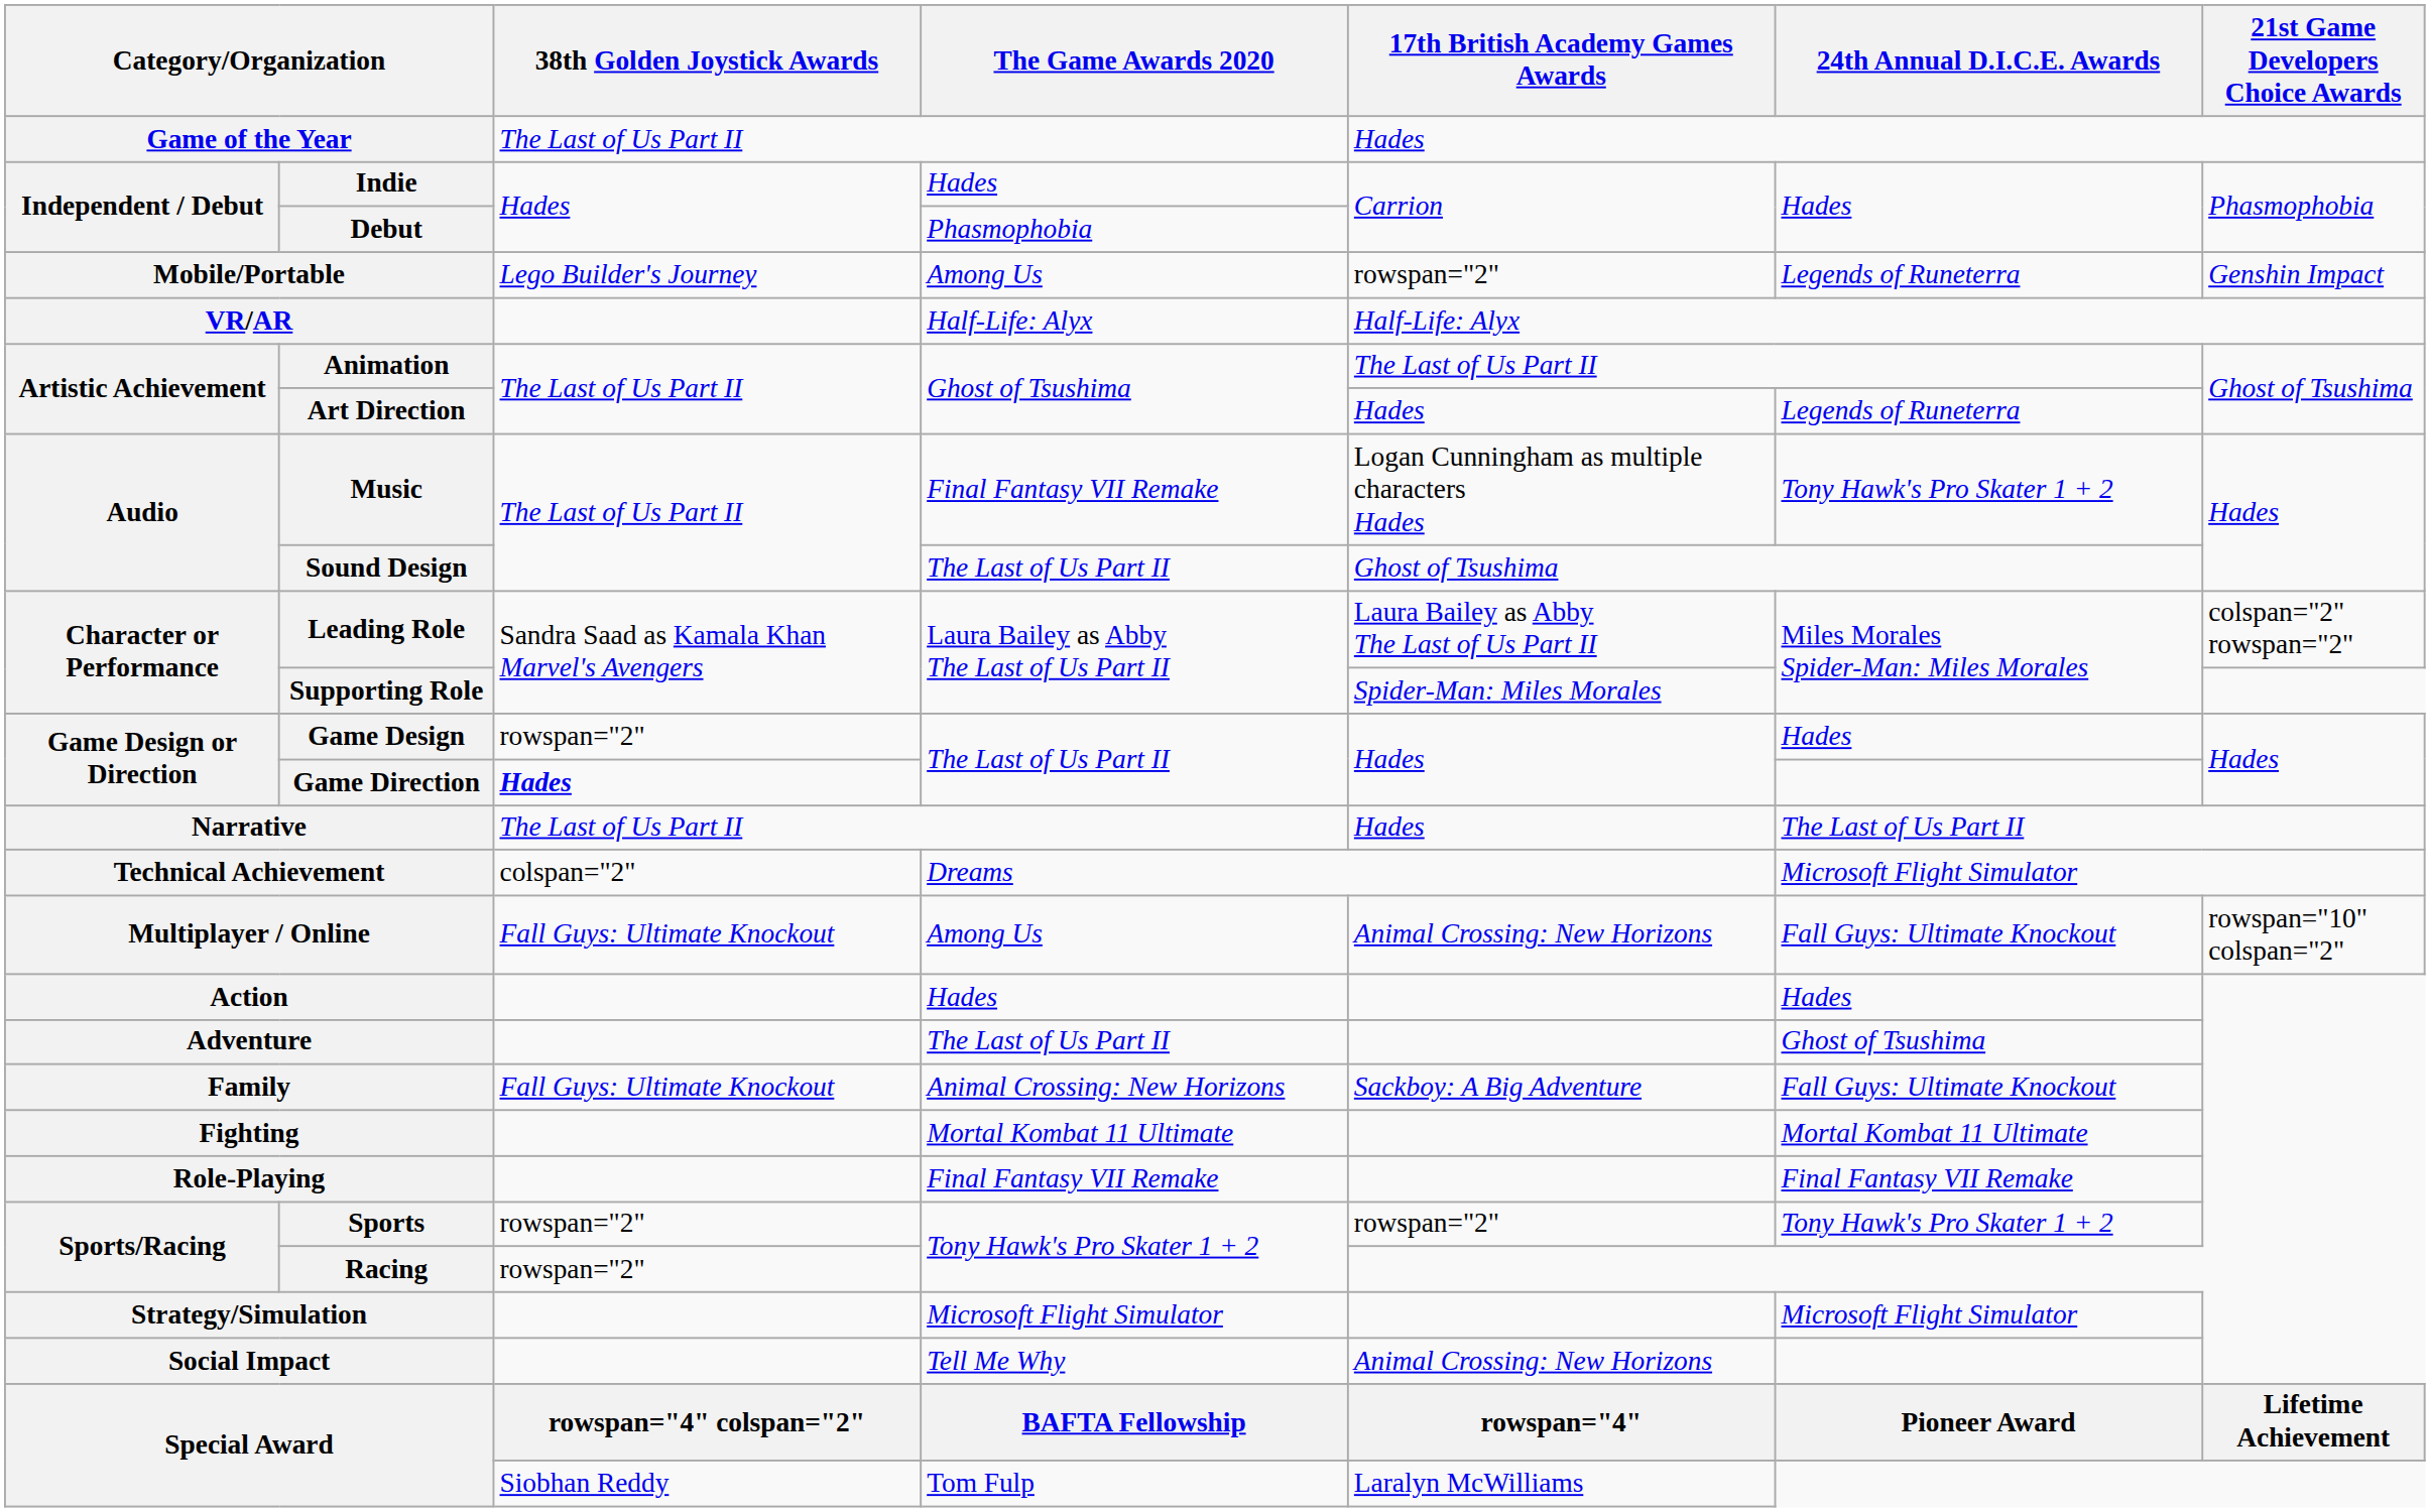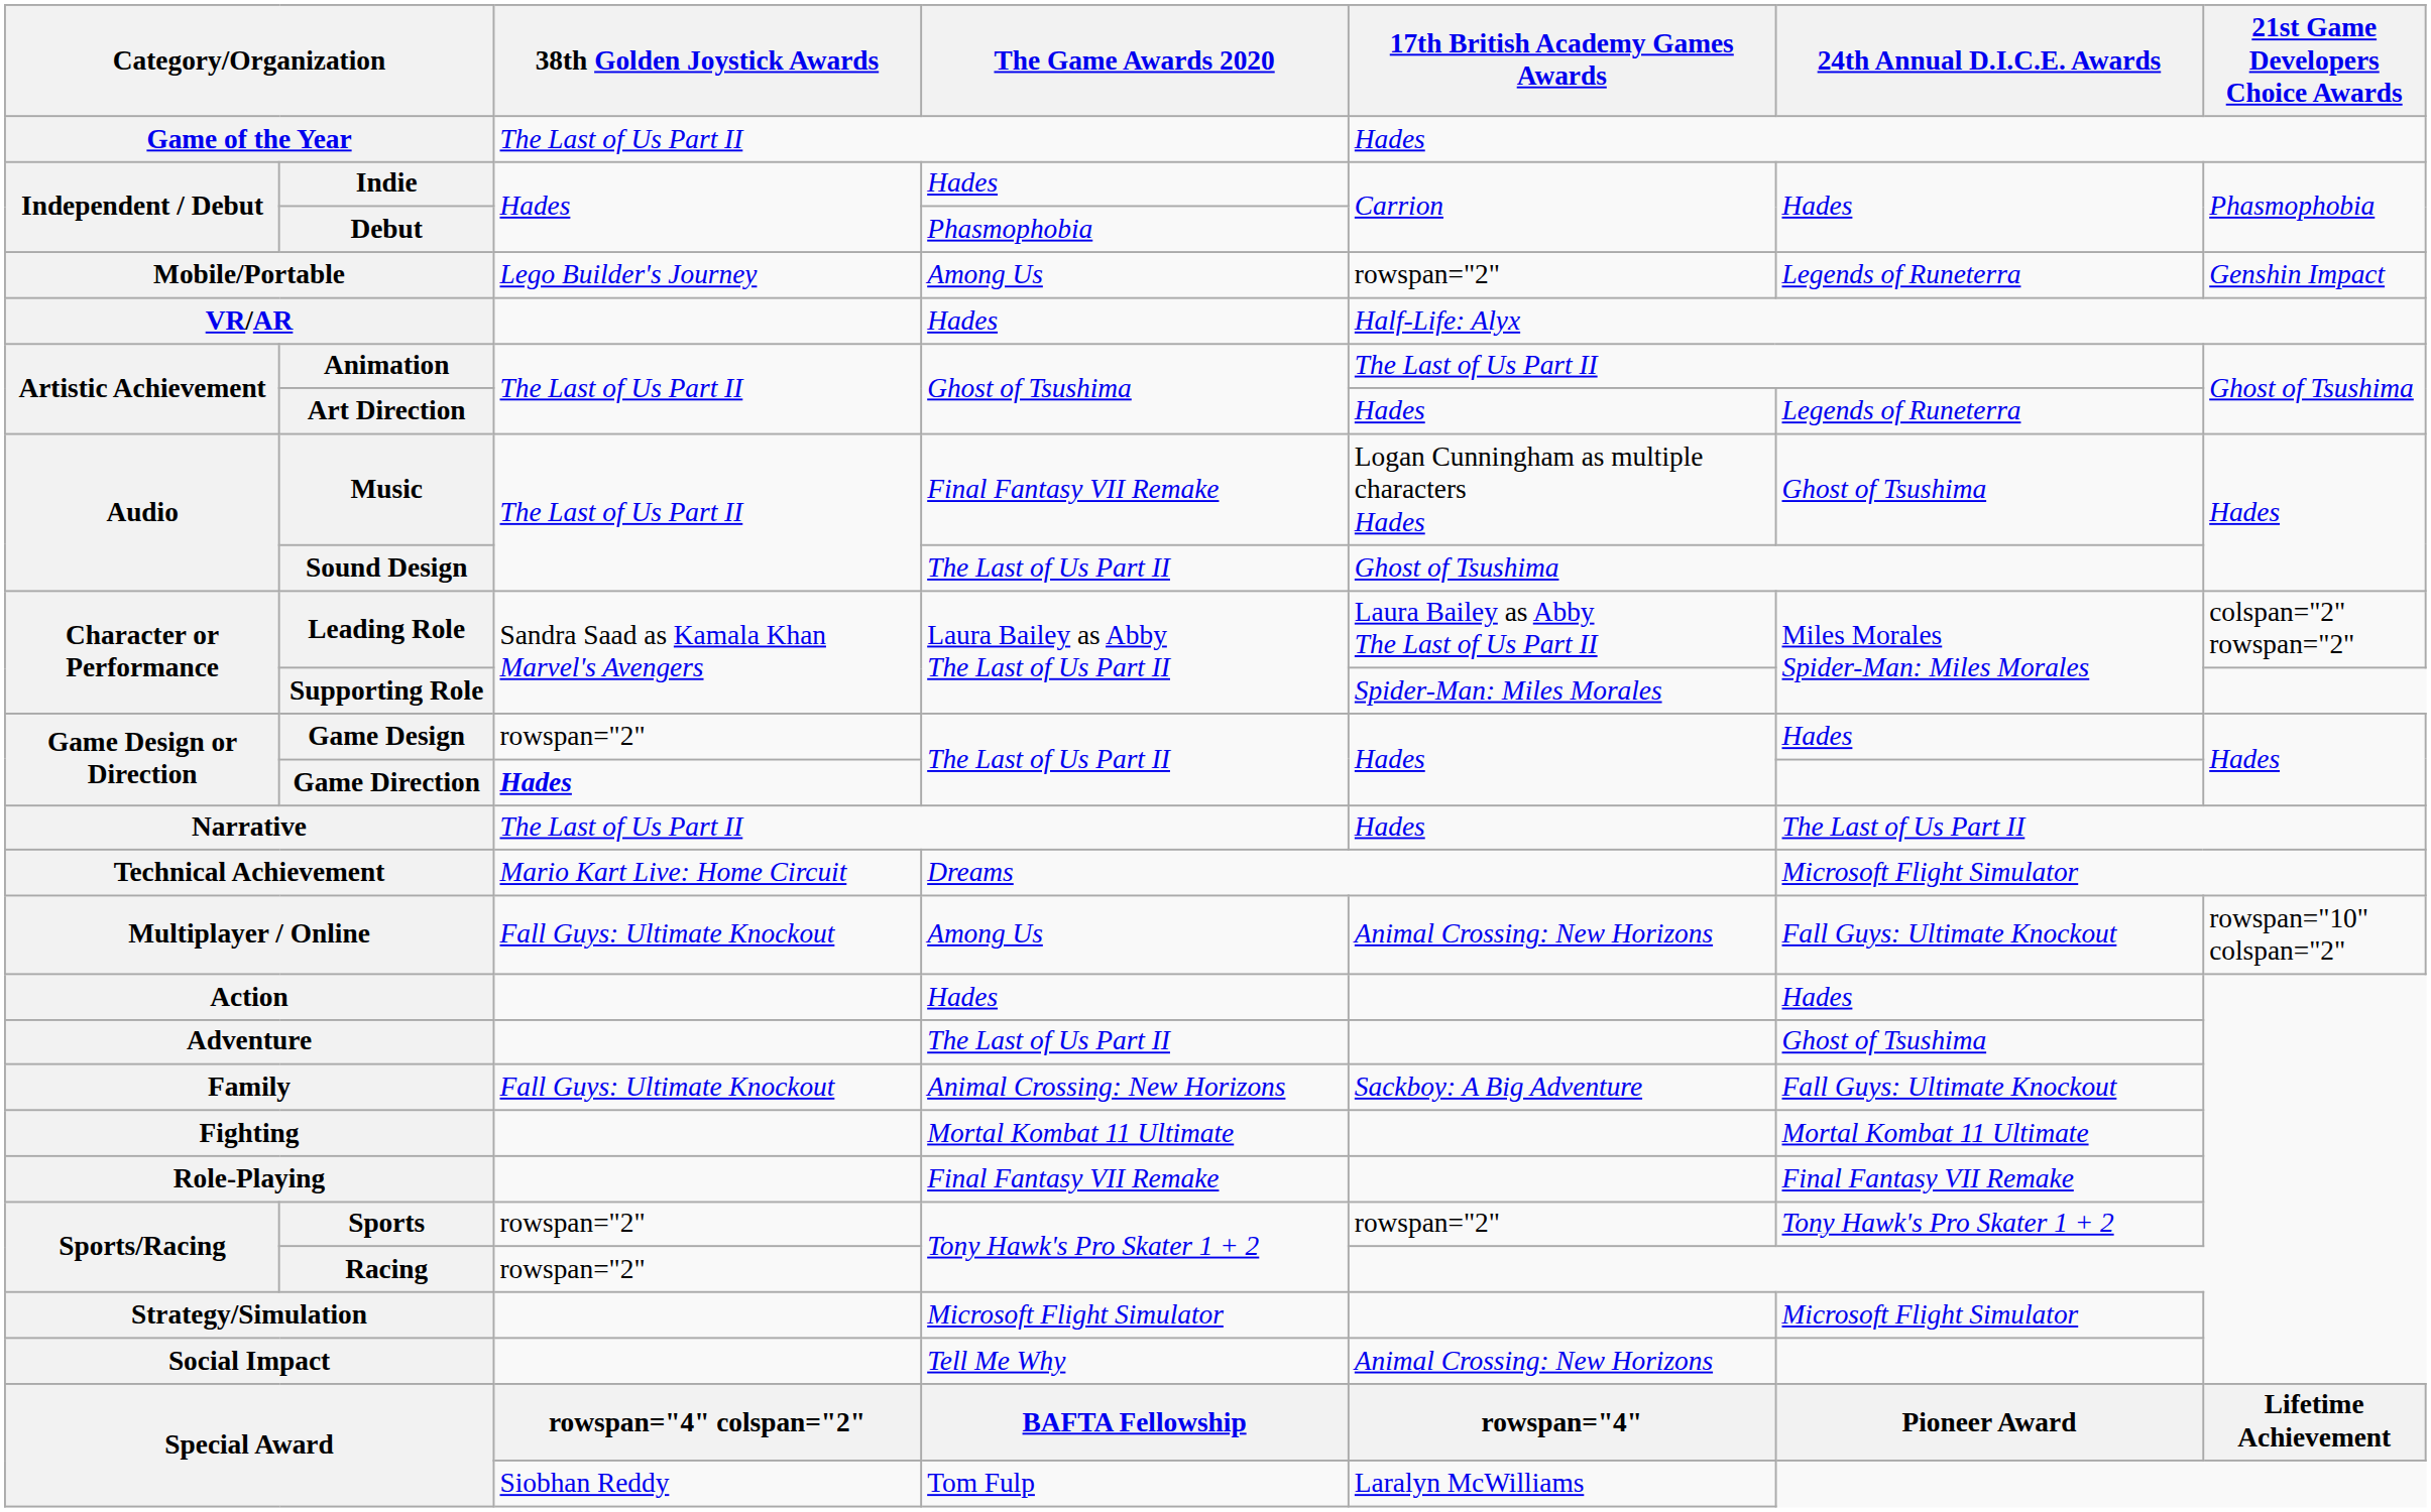 <table class="wikitable" style="border:none; margin:0; width:100%; font-size: 90%;">
 <tr>
 <th colspan="2" style="width:16%;">Category/Organization</th>
 <th style="width:14%;">38th <a href='#'>Golden Joystick Awards</a><br></th>
 <th style="width:14%;"><a href='#'>The Game Awards 2020</a><br></th>
 <th style="width:14%;"><a href='#'>17th British Academy Games Awards</a><br></th>
 <th style="width:14%;"><a href='#'>24th Annual D.I.C.E. Awards</a><br></th>
 <th style="width:14%;" colspan="2"><a href='#'>21st Game Developers Choice Awards</a><br></th>
 </tr>
 <tr>
 <th scope="row" colspan="2"><a href='#'>Game of the Year</a></th>
 <td colspan="2"><em><a href='#'>The Last of Us Part II</a></em></td>
 <td colspan="4"><em><a href='#'>Hades</a></em></td>
 </tr>
 <tr>
 <th scope="row"  rowspan="2" style="width:9%;">Independent / Debut</th>
 <th>Indie</th>
 <td rowspan="2"><em><a href='#'>Hades</a></em></td>
 <td><em><a href='#'>Hades</a></em></td>
 <td rowspan="2"><em><a href='#'>Carrion</a></em></td>
 <td rowspan="2"><em><a href='#'>Hades</a></em></td>
 <td rowspan="2" colspan="2"><em><a href='#'>Phasmophobia</a></em></td>
 </tr>
 <tr>
 <th scope="row">Debut</th>
 <td><em><a href='#'>Phasmophobia</a></em></td>
 </tr>
 <tr>
 <th scope="row" colspan="2">Mobile/Portable</th>
 <td><em><a href='#'>Lego Builder's Journey</a></em></td>
 <td><em><a href='#'>Among Us</a></em></td>
 <td>rowspan="2" </td>
 <td><em><a href='#'>Legends of Runeterra</a></em></td>
 <td colspan="2"><em><a href='#'>Genshin Impact</a></em></td>
 </tr>
 <tr>
 <th scope="row" colspan="2"><a href='#'>VR</a>/<a href='#'>AR</a></th>
 <td></td>
-<td><em><a href='#'>Half-Life: Alyx</a></em></td>
+<td><em><a href='#'>Hades</a></em></td>
 <td colspan="3"><em><a href='#'>Half-Life: Alyx</a></em></td>
 </tr>
 <tr>
 <th scope="row" rowspan="2" style="width:9%;">Artistic Achievement</th>
 <th>Animation</th>
 <td rowspan="2"><em><a href='#'>The Last of Us Part II</a></em></td>
 <td rowspan="2"><em><a href='#'>Ghost of Tsushima</a></em></td>
 <td colspan="2"><em><a href='#'>The Last of Us Part II</a></em></td>
 <td rowspan="2" colspan="2"><em><a href='#'>Ghost of Tsushima</a></em></td>
 </tr>
 <tr>
 <th scope="row">Art Direction</th>
 <td><em><a href='#'>Hades</a></em></td>
 <td><em><a href='#'>Legends of Runeterra</a></em></td>
 </tr>
 <tr>
 <th scope="row" rowspan="2" style="width:9%;">Audio</th>
 <th>Music</th>
 <td rowspan="2"><em><a href='#'>The Last of Us Part II</a></em></td>
 <td><em><a href='#'>Final Fantasy VII Remake</a></em></td>
 <td>Logan Cunningham as multiple characters<br><em><a href='#'>Hades</a></em></td>
-<td><em><a href='#'>Tony Hawk's Pro Skater 1 + 2</a></em></td>
+<td><em><a href='#'>Ghost of Tsushima</a></em></td>
 <td rowspan="2" colspan="2"><em><a href='#'>Hades</a></em></td>
 </tr>
 <tr>
 <th scope="row">Sound Design</th>
 <td><em><a href='#'>The Last of Us Part II</a></em></td>
 <td colspan=2><em><a href='#'>Ghost of Tsushima</a></em></td>
 </tr>
 <tr>
 <th scope="row" rowspan="2">Character or Performance</th>
 <th>Leading Role</th>
 <td rowspan="2">Sandra Saad as <a href='#'>Kamala Khan</a><br><em><a href='#'>Marvel's Avengers</a></em></td>
 <td rowspan="2"><a href='#'>Laura Bailey</a> as <a href='#'>Abby</a><br><em><a href='#'>The Last of Us Part II</a></em></td>
 <td><a href='#'>Laura Bailey</a> as <a href='#'>Abby</a><br><em><a href='#'>The Last of Us Part II</a></em></td>
 <td rowspan="2"><a href='#'>Miles Morales</a><br><em><a href='#'>Spider-Man: Miles Morales</a></em></td>
 <td>colspan="2" rowspan="2" </td>
 </tr>
 <tr>
 <th scope="row">Supporting Role</th>
 <td><em><a href='#'>Spider-Man: Miles Morales</a></em></td>
 </tr>
 <tr>
 <th scope="row" rowspan="2" style="width:9%;">Game Design or Direction</th>
 <th>Game Design</th>
 <td>rowspan="2" </td>
 <td rowspan="2"><em><a href='#'>The Last of Us Part II</a></em></td>
 <td rowspan="2"><em><a href='#'>Hades</a></em></td>
 <td><em><a href='#'>Hades</a></em></td>
 <td rowspan="2" colspan="2"><em><a href='#'>Hades</a></em></td>
 </tr>
 <tr>
 <th scope="row">Game Direction</th>
 <td><strong><em><a href='#'>Hades</a></em></strong></td>
 </tr>
 <tr>
 <th scope="row" colspan="2">Narrative</th>
 <td colspan="2"><em><a href='#'>The Last of Us Part II</a></em></td>
 <td><em><a href='#'>Hades</a></em></td>
 <td colspan="3"><em><a href='#'>The Last of Us Part II</a></em></td>
 </tr>
 <tr>
 <th scope="row" colspan="2">Technical Achievement</th>
-<td>colspan="2" </td>
+<td><em><a href='#'>Mario Kart Live: Home Circuit</a></em></td>
 <td colspan="2"><em><a href='#'>Dreams</a></em></td>
 <td colspan="2"><em><a href='#'>Microsoft Flight Simulator</a></em></td>
 </tr>
 <tr>
 <th scope="row" colspan="2">Multiplayer / Online</th>
 <td><em><a href='#'>Fall Guys: Ultimate Knockout</a></em></td>
 <td><em><a href='#'>Among Us</a></em></td>
 <td><em><a href='#'>Animal Crossing: New Horizons</a></em></td>
 <td><em><a href='#'>Fall Guys: Ultimate Knockout</a></em></td>
 <td>rowspan="10" colspan="2" </td>
 </tr>
 <tr>
 <th scope="row" colspan="2">Action</th>
 <td></td>
 <td><em><a href='#'>Hades</a></em></td>
 <td></td>
 <td><em><a href='#'>Hades</a></em></td>
 </tr>
 <tr>
 <th scope="row" colspan="2">Adventure</th>
 <td></td>
 <td><em><a href='#'>The Last of Us Part II</a></em></td>
 <td></td>
 <td><em><a href='#'>Ghost of Tsushima</a></em></td>
 </tr>
 <tr>
 <th scope="row" colspan="2">Family</th>
 <td><em><a href='#'>Fall Guys: Ultimate Knockout</a></em></td>
 <td><em><a href='#'>Animal Crossing: New Horizons</a></em></td>
 <td><em><a href='#'>Sackboy: A Big Adventure</a></em></td>
 <td><em><a href='#'>Fall Guys: Ultimate Knockout</a></em></td>
 </tr>
 <tr>
 <th scope="row" colspan="2">Fighting</th>
 <td></td>
 <td><em><a href='#'>Mortal Kombat 11 Ultimate</a></em></td>
 <td></td>
 <td><em><a href='#'>Mortal Kombat 11 Ultimate</a></em></td>
 </tr>
 <tr>
 <th scope="row" colspan="2">Role-Playing</th>
 <td></td>
 <td><em><a href='#'>Final Fantasy VII Remake</a></em></td>
 <td></td>
 <td><em><a href='#'>Final Fantasy VII Remake</a></em></td>
 </tr>
 <tr>
 <th scope="row" rowspan="2">Sports/Racing</th>
 <th>Sports</th>
 <td>rowspan="2" </td>
 <td rowspan="2"><em><a href='#'>Tony Hawk's Pro Skater 1 + 2</a></em></td>
 <td>rowspan="2" </td>
 <td><em><a href='#'>Tony Hawk's Pro Skater 1 + 2</a></em></td>
 </tr>
 <tr>
 <th>Racing</th>
 <td>rowspan="2" </td>
 </tr>
 <tr>
 <th scope="row" colspan="2">Strategy/Simulation</th>
 <td></td>
 <td><em><a href='#'>Microsoft Flight Simulator</a></em></td>
 <td></td>
 <td><em><a href='#'>Microsoft Flight Simulator</a></em></td>
 </tr>
 <tr>
 <th scope="row" colspan="2">Social Impact</th>
 <td></td>
 <td><em><a href='#'>Tell Me Why</a></em></td>
 <td><em><a href='#'>Animal Crossing: New Horizons</a></em></td>
 <td></td>
 </tr>
 <tr>
 <th scope="row" rowspan="4" colspan="2">Special Award</th>
 <th>rowspan="4" colspan="2" </th>
 <th><a href='#'>BAFTA Fellowship</a></th>
 <th>rowspan="4" </th>
 <th width="7%;">Pioneer Award</th>
 <th width="7%;">Lifetime Achievement</th>
 </tr>
 <tr>
 <td><a href='#'>Siobhan Reddy</a></td>
 <td rowspan="3"><a href='#'>Tom Fulp</a></td>
 <td rowspan="3"><a href='#'>Laralyn McWilliams</a></td>
 </tr>
 </table>
